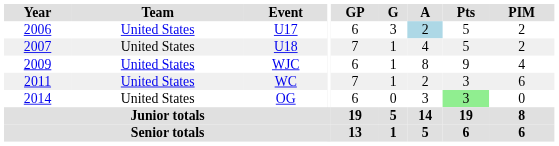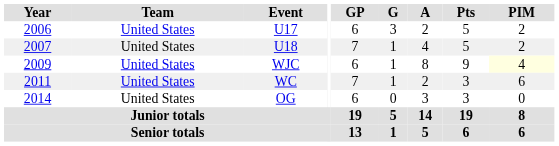 <table border="0" cellpadding="1" cellspacing="0" ID="Table3" style="text-align:center; width:40em">
 <tr bgcolor="#e0e0e0">
 <th>Year</th>
 <th>Team</th>
 <th>Event</th>
 <th rowspan="102" bgcolor="#ffffff"></th>
 <th>GP</th>
 <th>G</th>
 <th>A</th>
 <th>Pts</th>
 <th>PIM</th>
 </tr>
 <tr>
 <td><a href='#'>2006</a></td>
 <td><a href='#'>United States</a></td>
 <td><a href='#'>U17</a></td>
 <td>6</td>
 <td>3</td>
-<td style="background: lightblue;">2</td>
+<td>2</td>
 <td>5</td>
 <td>2</td>
 </tr>
 <tr bgcolor="#f0f0f0">
 <td><a href='#'>2007</a></td>
 <td>United States</td>
 <td><a href='#'>U18</a></td>
 <td>7</td>
 <td>1</td>
 <td>4</td>
 <td>5</td>
 <td>2</td>
 </tr>
 <tr>
 <td><a href='#'>2009</a></td>
 <td><a href='#'>United States</a></td>
 <td><a href='#'>WJC</a></td>
 <td>6</td>
 <td>1</td>
 <td>8</td>
 <td>9</td>
-<td>4</td>
+<td style="background: lightyellow;">4</td>
 </tr>
 <tr bgcolor="#f0f0f0">
 <td><a href='#'>2011</a></td>
 <td><a href='#'>United States</a></td>
 <td><a href='#'>WC</a></td>
 <td>7</td>
 <td>1</td>
 <td>2</td>
 <td>3</td>
 <td>6</td>
 </tr>
 <tr>
 <td><a href='#'>2014</a></td>
 <td>United States</td>
 <td><a href='#'>OG</a></td>
 <td>6</td>
 <td>0</td>
 <td>3</td>
-<td style="background: lightgreen;">3</td>
+<td>3</td>
 <td>0</td>
 </tr>
 <tr bgcolor="#e0e0e0">
 <th colspan="4">Junior totals</th>
 <th>19</th>
 <th>5</th>
 <th>14</th>
 <th>19</th>
 <th>8</th>
 </tr>
 <tr bgcolor="#e0e0e0">
 <th colspan="4">Senior totals</th>
 <th>13</th>
 <th>1</th>
 <th>5</th>
 <th>6</th>
 <th>6</th>
 </tr>
 </table>
